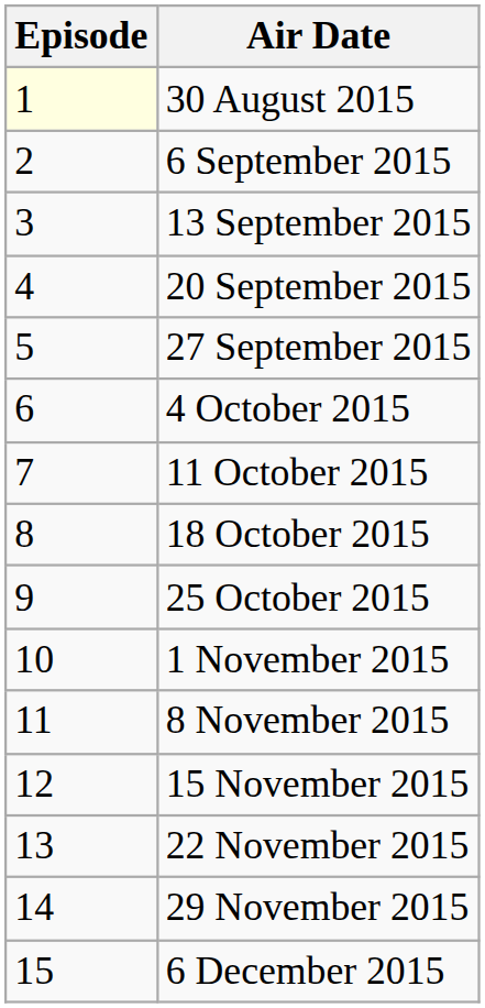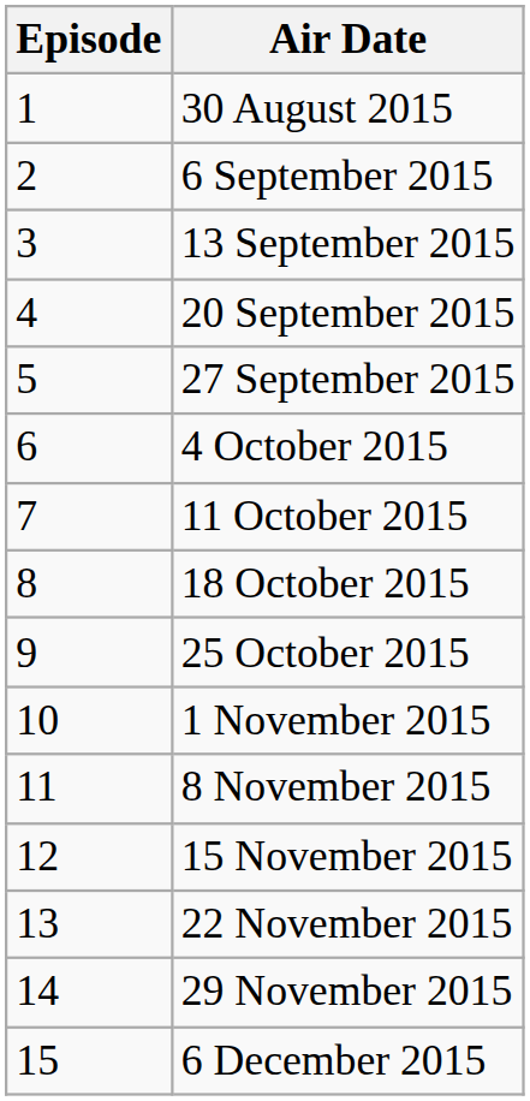 <table class="wikitable">
 <tr>
 <th>Episode</th>
 <th>Air Date</th>
 </tr>
 <tr>
-<td style="background: lightyellow;">1</td>
+<td>1</td>
 <td>30 August 2015</td>
 </tr>
 <tr>
 <td>2</td>
 <td>6 September 2015</td>
 </tr>
 <tr>
 <td>3</td>
 <td>13 September 2015</td>
 </tr>
 <tr>
 <td>4</td>
 <td>20 September 2015</td>
 </tr>
 <tr>
 <td>5</td>
 <td>27 September 2015</td>
 </tr>
 <tr>
 <td>6</td>
 <td>4 October 2015</td>
 </tr>
 <tr>
 <td>7</td>
 <td>11 October 2015</td>
 </tr>
 <tr>
 <td>8</td>
 <td>18 October 2015</td>
 </tr>
 <tr>
 <td>9</td>
 <td>25 October 2015</td>
 </tr>
 <tr>
 <td>10</td>
 <td>1 November 2015</td>
 </tr>
 <tr>
 <td>11</td>
 <td>8 November 2015</td>
 </tr>
 <tr>
 <td>12</td>
 <td>15 November 2015</td>
 </tr>
 <tr>
 <td>13</td>
 <td>22 November 2015</td>
 </tr>
 <tr>
 <td>14</td>
 <td>29 November 2015</td>
 </tr>
 <tr>
 <td>15</td>
 <td>6 December 2015</td>
 </tr>
 </table>
